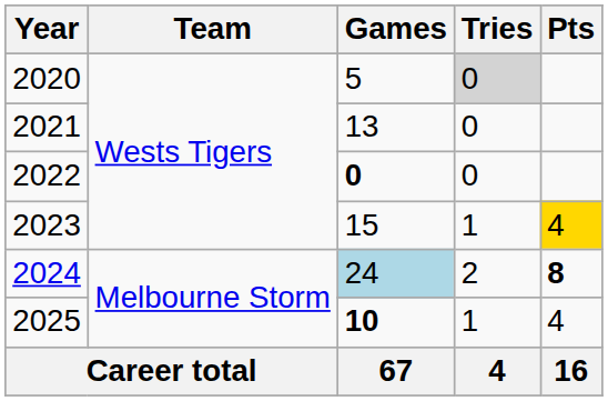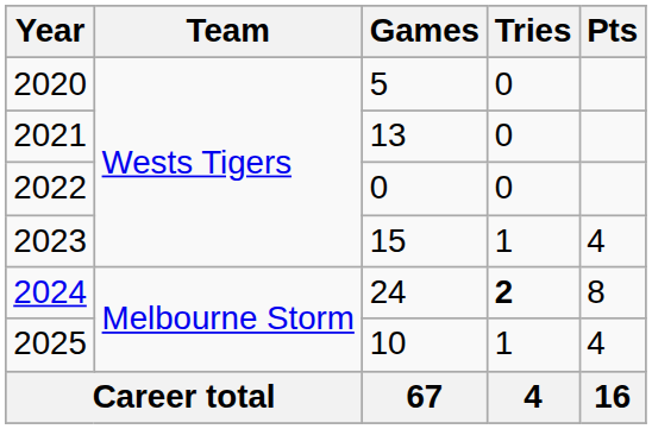 <table class="wikitable defaultcenter">
 <tr>
 <th>Year</th>
 <th>Team</th>
 <th>Games</th>
 <th>Tries</th>
 <th>Pts</th>
 </tr>
 <tr>
 <td>2020</td>
 <td rowspan="4"> <a href='#'>Wests Tigers</a></td>
 <td>5</td>
-<td style="background: lightgrey;">0</td>
+<td>0</td>
 <td></td>
 </tr>
 <tr>
 <td>2021</td>
 <td>13</td>
 <td>0</td>
 <td></td>
 </tr>
 <tr>
 <td>2022</td>
-<td><strong>0</strong></td>
+<td>0</td>
 <td>0</td>
 <td></td>
 </tr>
 <tr>
 <td>2023</td>
 <td>15</td>
 <td>1</td>
-<td style="background: gold;">4</td>
+<td>4</td>
 </tr>
 <tr>
 <td><a href='#'>2024</a></td>
 <td rowspan="2"> <a href='#'>Melbourne Storm</a></td>
-<td style="background: lightblue;">24</td>
-<td>2</td>
-<td><strong>8</strong></td>
+<td>24</td>
+<td><strong>2</strong></td>
+<td>8</td>
 </tr>
 <tr>
 <td>2025</td>
-<td><strong>10</strong></td>
+<td>10</td>
 <td>1</td>
 <td>4</td>
 </tr>
 <tr>
 <th colspan="2">Career total</th>
 <th>67</th>
 <th>4</th>
 <th>16</th>
 </tr>
 </table>
